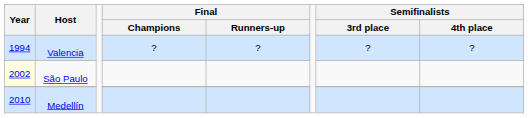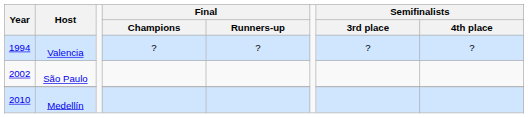 <table class="wikitable" style="font-size:90%; text-align: center;">
 <tr>
 <th rowspan=2 width=5%>Year</th>
 <th rowspan=2 width=10%>Host</th>
 <td width=1% rowspan=21 style="border-top:none;border-bottom:none;"></td>
 <th colspan=2>Final</th>
 <td width=1% rowspan=21 style="border-top:none;border-bottom:none;"></td>
 <th colspan=2>Semifinalists</th>
 </tr>
 <tr>
 <th width=17%>Champions</th>
 <th width=17%>Runners-up</th>
 <th width=17%>3rd place</th>
 <th width=17%>4th place</th>
 </tr>
 <tr style="background: #D0E6FF;">
 <td><a href='#'>1994</a></td>
 <td><br><a href='#'>Valencia</a></td>
 <td>?</td>
 <td>?</td>
 <td>?</td>
 <td>?</td>
 </tr>
 <tr>
-<td style="background: lightyellow;"><a href='#'>2002</a></td>
+<td><a href='#'>2002</a></td>
 <td><br><a href='#'>São Paulo</a></td>
 <td><strong></strong></td>
 <td></td>
 <td></td>
 <td></td>
 </tr>
 <tr>
 </tr>
 <tr style="background: #D0E6FF;">
 <td><a href='#'>2010</a></td>
 <td><br><a href='#'>Medellín</a></td>
 <td><strong></strong></td>
 <td></td>
 <td></td>
 <td></td>
 </tr>
 </table>
